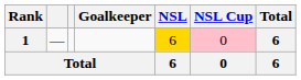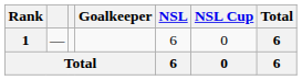 <table class="wikitable sortable" style="text-align:center">
 <tr>
 <th>Rank</th>
 <th></th>
 <th></th>
 <th>Goalkeeper</th>
 <th><a href='#'>NSL</a></th>
 <th><a href='#'>NSL Cup</a></th>
 <th>Total</th>
 </tr>
 <tr>
 <th>1</th>
 <td>—</td>
 <td></td>
 <td align="left"></td>
-<td style="background: gold;">6</td>
-<td style="background: pink;">0</td>
+<td>6</td>
+<td>0</td>
 <th>6</th>
 </tr>
 <tr>
 <th colspan="4">Total</th>
 <th>6</th>
 <th>0</th>
 <th>6</th>
 </tr>
 </table>
